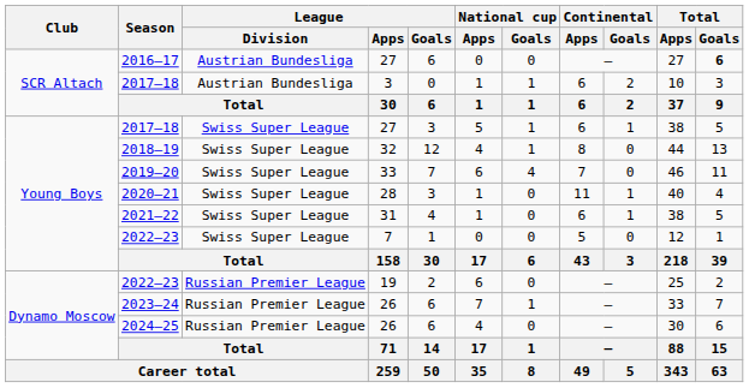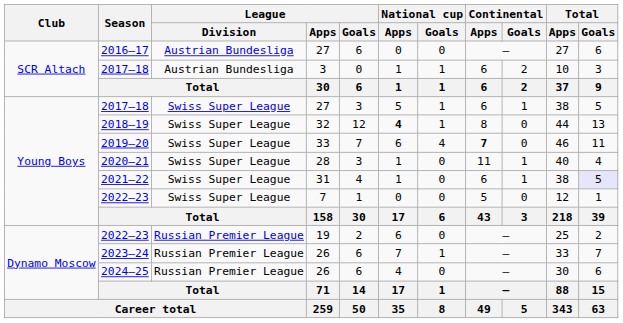 <table class="wikitable" style="text-align:center">
 <tr>
 <th rowspan="2">Club</th>
 <th rowspan="2">Season</th>
 <th colspan="3">League</th>
 <th colspan="2">National cup</th>
 <th colspan="2">Continental</th>
 <th colspan="2">Total</th>
 </tr>
 <tr>
 <th>Division</th>
 <th>Apps</th>
 <th>Goals</th>
 <th>Apps</th>
 <th>Goals</th>
 <th>Apps</th>
 <th>Goals</th>
 <th>Apps</th>
 <th>Goals</th>
 </tr>
 <tr>
 <td rowspan="3"><a href='#'>SCR Altach</a></td>
 <td><a href='#'>2016–17</a></td>
 <td><a href='#'>Austrian Bundesliga</a></td>
 <td>27</td>
 <td>6</td>
 <td>0</td>
 <td>0</td>
 <td colspan="2">—</td>
 <td>27</td>
-<td><strong>6</strong></td>
+<td>6</td>
 </tr>
 <tr>
 <td><a href='#'>2017–18</a></td>
 <td>Austrian Bundesliga</td>
 <td>3</td>
 <td>0</td>
 <td>1</td>
 <td>1</td>
 <td>6</td>
 <td>2</td>
 <td>10</td>
 <td>3</td>
 </tr>
 <tr>
 <th colspan="2">Total</th>
 <th>30</th>
 <th>6</th>
 <th>1</th>
 <th>1</th>
 <th>6</th>
 <th>2</th>
 <th>37</th>
 <th>9</th>
 </tr>
 <tr>
 <td rowspan="7"><a href='#'>Young Boys</a></td>
 <td><a href='#'>2017–18</a></td>
 <td><a href='#'>Swiss Super League</a></td>
 <td>27</td>
 <td>3</td>
 <td>5</td>
 <td>1</td>
 <td>6</td>
 <td>1</td>
 <td>38</td>
 <td>5</td>
 </tr>
 <tr>
 <td><a href='#'>2018–19</a></td>
 <td>Swiss Super League</td>
 <td>32</td>
 <td>12</td>
-<td>4</td>
+<td><strong>4</strong></td>
 <td>1</td>
 <td>8</td>
 <td>0</td>
 <td>44</td>
 <td>13</td>
 </tr>
 <tr>
 <td><a href='#'>2019–20</a></td>
 <td>Swiss Super League</td>
 <td>33</td>
 <td>7</td>
 <td>6</td>
 <td>4</td>
-<td>7</td>
+<td><strong>7</strong></td>
 <td>0</td>
 <td>46</td>
 <td>11</td>
 </tr>
 <tr>
 <td><a href='#'>2020–21</a></td>
 <td>Swiss Super League</td>
 <td>28</td>
 <td>3</td>
 <td>1</td>
 <td>0</td>
 <td>11</td>
 <td>1</td>
 <td>40</td>
 <td>4</td>
 </tr>
 <tr>
 <td><a href='#'>2021–22</a></td>
 <td>Swiss Super League</td>
 <td>31</td>
 <td>4</td>
 <td>1</td>
 <td>0</td>
 <td>6</td>
 <td>1</td>
 <td>38</td>
-<td>5</td>
+<td style="background: lavender;">5</td>
 </tr>
 <tr>
 <td><a href='#'>2022–23</a></td>
 <td>Swiss Super League</td>
 <td>7</td>
 <td>1</td>
 <td>0</td>
 <td>0</td>
 <td>5</td>
 <td>0</td>
 <td>12</td>
 <td>1</td>
 </tr>
 <tr>
 <th colspan="2">Total</th>
 <th>158</th>
 <th>30</th>
 <th>17</th>
 <th>6</th>
 <th>43</th>
 <th>3</th>
 <th>218</th>
 <th>39</th>
 </tr>
 <tr>
 <td rowspan="4"><a href='#'>Dynamo Moscow</a></td>
 <td><a href='#'>2022–23</a></td>
 <td><a href='#'>Russian Premier League</a></td>
 <td>19</td>
 <td>2</td>
 <td>6</td>
 <td>0</td>
 <td colspan="2">—</td>
 <td>25</td>
 <td>2</td>
 </tr>
 <tr>
 <td><a href='#'>2023–24</a></td>
 <td>Russian Premier League</td>
 <td>26</td>
 <td>6</td>
 <td>7</td>
 <td>1</td>
 <td colspan="2">—</td>
 <td>33</td>
 <td>7</td>
 </tr>
 <tr>
 <td><a href='#'>2024–25</a></td>
 <td>Russian Premier League</td>
 <td>26</td>
 <td>6</td>
 <td>4</td>
 <td>0</td>
 <td colspan="2">—</td>
 <td>30</td>
 <td>6</td>
 </tr>
 <tr>
 <th colspan="2">Total</th>
 <th>71</th>
 <th>14</th>
 <th>17</th>
 <th>1</th>
 <th colspan="2">—</th>
 <th>88</th>
 <th>15</th>
 </tr>
 <tr>
 <th colspan="3">Career total</th>
 <th>259</th>
 <th>50</th>
 <th>35</th>
 <th>8</th>
 <th>49</th>
 <th>5</th>
 <th>343</th>
 <th>63</th>
 </tr>
 </table>
